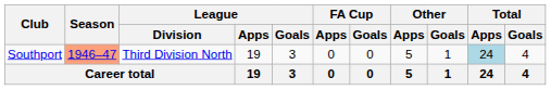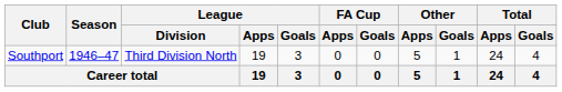 <table class="wikitable" style="text-align: center;">
 <tr>
 <th rowspan="2">Club</th>
 <th rowspan="2">Season</th>
 <th colspan="3">League</th>
 <th colspan="2">FA Cup</th>
 <th colspan="2">Other</th>
 <th colspan="2">Total</th>
 </tr>
 <tr>
 <th>Division</th>
 <th>Apps</th>
 <th>Goals</th>
 <th>Apps</th>
 <th>Goals</th>
 <th>Apps</th>
 <th>Goals</th>
 <th>Apps</th>
 <th>Goals</th>
 </tr>
 <tr>
 <td><a href='#'>Southport</a></td>
-<td style="background: lightsalmon;"><a href='#'>1946–47</a></td>
+<td><a href='#'>1946–47</a></td>
 <td><a href='#'>Third Division North</a></td>
 <td>19</td>
 <td>3</td>
 <td>0</td>
 <td>0</td>
 <td>5</td>
 <td>1</td>
-<td style="background: lightblue;">24</td>
+<td>24</td>
 <td>4</td>
 </tr>
 <tr>
 <th colspan="3">Career total</th>
 <th>19</th>
 <th>3</th>
 <th>0</th>
 <th>0</th>
 <th>5</th>
 <th>1</th>
 <th>24</th>
 <th>4</th>
 </tr>
 </table>
